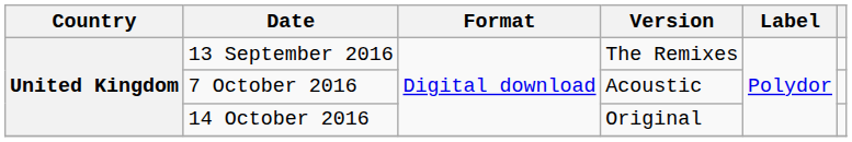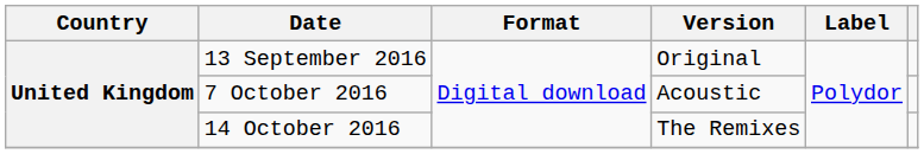 <table class="wikitable sortable plainrowheaders">
 <tr>
 <th scope="col">Country</th>
 <th scope="col">Date</th>
 <th scope="col">Format</th>
 <th scope="col">Version</th>
 <th scope="col">Label</th>
 <th scope="col"></th>
 </tr>
 <tr>
 <th scope="row" rowspan="3">United Kingdom</th>
 <td>13 September 2016</td>
 <td rowspan="3"><a href='#'>Digital download</a></td>
-<td>The Remixes</td>
+<td>Original</td>
 <td rowspan="3"><a href='#'>Polydor</a></td>
 <td></td>
 </tr>
 <tr>
 <td>7 October 2016</td>
 <td>Acoustic</td>
 <td></td>
 </tr>
 <tr>
 <td>14 October 2016</td>
-<td>Original</td>
+<td>The Remixes</td>
 <td></td>
 </tr>
 <tr>
 </tr>
 </table>
